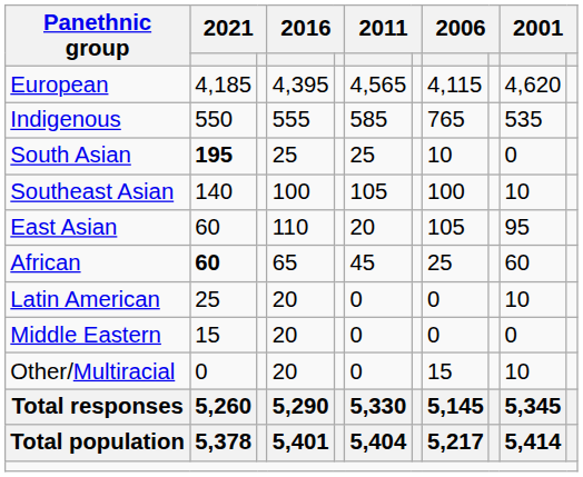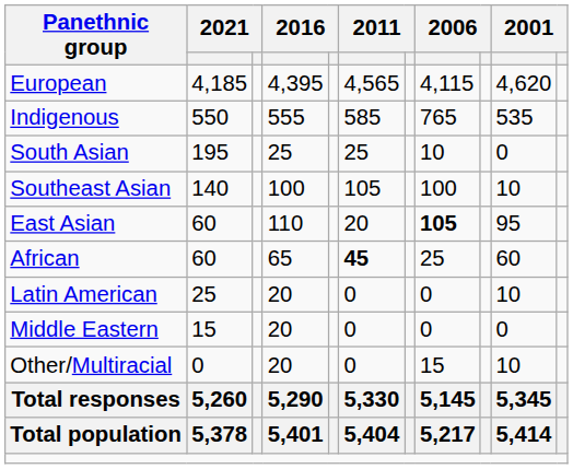 <table class="wikitable collapsible sortable">
 <tr>
 <th rowspan="2"><a href='#'>Panethnic</a><br>group</th>
 <th colspan="2">2021</th>
 <th colspan="2">2016</th>
 <th colspan="2">2011</th>
 <th colspan="2">2006</th>
 <th colspan="2">2001</th>
 </tr>
 <tr>
 <th><a href='#'></a></th>
 <th></th>
 <th></th>
 <th></th>
 <th></th>
 <th></th>
 <th></th>
 <th></th>
 <th></th>
 <th></th>
 </tr>
 <tr>
 <td><a href='#'>European</a></td>
 <td>4,185</td>
 <td></td>
 <td>4,395</td>
 <td></td>
 <td>4,565</td>
 <td></td>
 <td>4,115</td>
 <td></td>
 <td>4,620</td>
 <td></td>
 </tr>
 <tr>
 <td><a href='#'>Indigenous</a></td>
 <td>550</td>
 <td></td>
 <td>555</td>
 <td></td>
 <td>585</td>
 <td></td>
 <td>765</td>
 <td></td>
 <td>535</td>
 <td></td>
 </tr>
 <tr>
 <td><a href='#'>South Asian</a></td>
-<td><strong>195</strong></td>
+<td>195</td>
 <td></td>
 <td>25</td>
 <td></td>
 <td>25</td>
 <td></td>
 <td>10</td>
 <td></td>
 <td>0</td>
 <td></td>
 </tr>
 <tr>
 <td><a href='#'>Southeast Asian</a></td>
 <td>140</td>
 <td></td>
 <td>100</td>
 <td></td>
 <td>105</td>
 <td></td>
 <td>100</td>
 <td></td>
 <td>10</td>
 <td></td>
 </tr>
 <tr>
 <td><a href='#'>East Asian</a></td>
 <td>60</td>
 <td></td>
 <td>110</td>
 <td></td>
 <td>20</td>
 <td></td>
-<td>105</td>
+<td><strong>105</strong></td>
 <td></td>
 <td>95</td>
 <td></td>
 </tr>
 <tr>
 <td><a href='#'>African</a></td>
-<td><strong>60</strong></td>
+<td>60</td>
 <td></td>
 <td>65</td>
 <td></td>
-<td>45</td>
+<td><strong>45</strong></td>
 <td></td>
 <td>25</td>
 <td></td>
 <td>60</td>
 <td></td>
 </tr>
 <tr>
 <td><a href='#'>Latin American</a></td>
 <td>25</td>
 <td></td>
 <td>20</td>
 <td></td>
 <td>0</td>
 <td></td>
 <td>0</td>
 <td></td>
 <td>10</td>
 <td></td>
 </tr>
 <tr>
 <td><a href='#'>Middle Eastern</a></td>
 <td>15</td>
 <td></td>
 <td>20</td>
 <td></td>
 <td>0</td>
 <td></td>
 <td>0</td>
 <td></td>
 <td>0</td>
 <td></td>
 </tr>
 <tr>
 <td>Other/<a href='#'>Multiracial</a></td>
 <td>0</td>
 <td></td>
 <td>20</td>
 <td></td>
 <td>0</td>
 <td></td>
 <td>15</td>
 <td></td>
 <td>10</td>
 <td></td>
 </tr>
 <tr>
 <th>Total responses</th>
 <th>5,260</th>
 <th></th>
 <th>5,290</th>
 <th></th>
 <th>5,330</th>
 <th></th>
 <th>5,145</th>
 <th></th>
 <th>5,345</th>
 <th></th>
 </tr>
 <tr>
 <th>Total population</th>
 <th>5,378</th>
 <th></th>
 <th>5,401</th>
 <th></th>
 <th>5,404</th>
 <th></th>
 <th>5,217</th>
 <th></th>
 <th>5,414</th>
 <th></th>
 </tr>
 <tr class="sortbottom">
 <td colspan="15"></td>
 </tr>
 </table>
